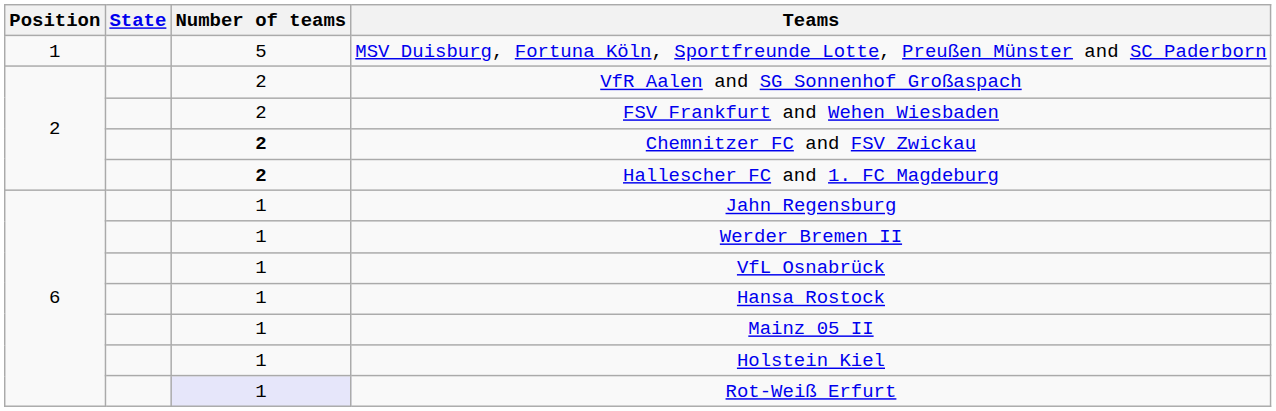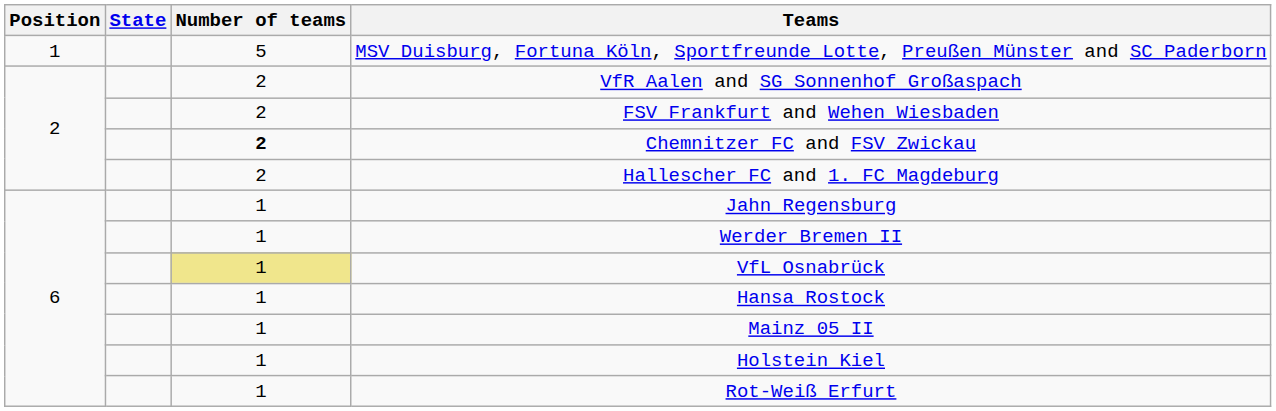 <table class="wikitable">
 <tr>
 <th>Position</th>
 <th><a href='#'>State</a></th>
 <th>Number of teams</th>
 <th>Teams</th>
 </tr>
 <tr>
 <td align=center>1</td>
 <td></td>
 <td align=center>5</td>
 <td align=center><a href='#'>MSV Duisburg</a>, <a href='#'>Fortuna Köln</a>, <a href='#'>Sportfreunde Lotte</a>, <a href='#'>Preußen Münster</a> and <a href='#'>SC Paderborn</a></td>
 </tr>
 <tr>
 <td align=center rowspan=4>2</td>
 <td></td>
 <td align=center>2</td>
 <td align=center><a href='#'>VfR Aalen</a> and <a href='#'>SG Sonnenhof Großaspach</a></td>
 </tr>
 <tr>
 <td></td>
 <td align=center>2</td>
 <td align=center><a href='#'>FSV Frankfurt</a> and <a href='#'>Wehen Wiesbaden</a></td>
 </tr>
 <tr>
 <td></td>
 <td align=center><strong>2</strong></td>
 <td align=center><a href='#'>Chemnitzer FC</a> and <a href='#'>FSV Zwickau</a></td>
 </tr>
 <tr>
 <td></td>
-<td align=center><strong>2</strong></td>
+<td align=center>2</td>
 <td align=center><a href='#'>Hallescher FC</a> and <a href='#'>1. FC Magdeburg</a></td>
 </tr>
 <tr>
 <td align=center rowspan=7>6</td>
 <td></td>
 <td align=center>1</td>
 <td align=center><a href='#'>Jahn Regensburg</a></td>
 </tr>
 <tr>
 <td></td>
 <td align=center>1</td>
 <td align=center><a href='#'>Werder Bremen II</a></td>
 </tr>
 <tr>
 <td></td>
-<td align=center>1</td>
+<td align=center style="background: khaki;">1</td>
 <td align=center><a href='#'>VfL Osnabrück</a></td>
 </tr>
 <tr>
 <td></td>
 <td align=center>1</td>
 <td align=center><a href='#'>Hansa Rostock</a></td>
 </tr>
 <tr>
 <td></td>
 <td align=center>1</td>
 <td align=center><a href='#'>Mainz 05 II</a></td>
 </tr>
 <tr>
 <td></td>
 <td align=center>1</td>
 <td align=center><a href='#'>Holstein Kiel</a></td>
 </tr>
 <tr>
 <td></td>
-<td align=center style="background: lavender;">1</td>
+<td align=center>1</td>
 <td align=center><a href='#'>Rot-Weiß Erfurt</a></td>
 </tr>
 </table>
